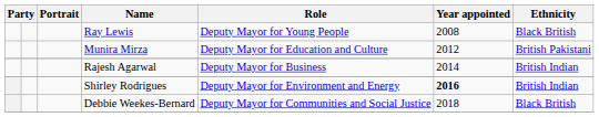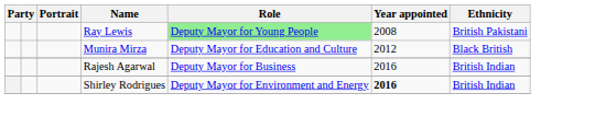 <table class="wikitable sortable">
 <tr>
 <th colspan="2">Party</th>
 <th>Portrait</th>
 <th>Name</th>
 <th>Role</th>
 <th>Year appointed</th>
 <th>Ethnicity</th>
 </tr>
 <tr>
 <td style="background-color: "></td>
 <td></td>
 <td></td>
 <td><a href='#'>Ray Lewis</a></td>
-<td><a href='#'>Deputy Mayor for Young People</a></td>
+<td style="background: lightgreen;"><a href='#'>Deputy Mayor for Young People</a></td>
 <td>2008</td>
-<td><a href='#'>Black British</a></td>
+<td><a href='#'>British Pakistani</a></td>
 </tr>
 <tr>
 <td style="background-color: "></td>
 <td></td>
 <td></td>
 <td><a href='#'>Munira Mirza</a></td>
 <td><a href='#'>Deputy Mayor for Education and Culture</a></td>
 <td>2012</td>
-<td><a href='#'>British Pakistani</a></td>
+<td><a href='#'>Black British</a></td>
 </tr>
 <tr>
 </tr>
 <tr>
 <td style="background-color: "></td>
 <td></td>
 <td></td>
 <td>Rajesh Agarwal</td>
 <td><a href='#'>Deputy Mayor for Business</a></td>
-<td>2014</td>
+<td>2016</td>
 <td><a href='#'>British Indian</a></td>
 </tr>
 <tr>
 </tr>
 <tr>
 <th style="background-color: "></th>
 <td></td>
 <td></td>
 <td>Shirley Rodrigues</td>
 <td><a href='#'>Deputy Mayor for Environment and Energy</a></td>
 <td><strong>2016</strong></td>
 <td><a href='#'>British Indian</a></td>
 </tr>
 <tr>
-<th style="background-color: "></th>
-<td></td>
-<td></td>
-<td>Debbie Weekes-Bernard</td>
-<td><a href='#'>Deputy Mayor for Communities and Social Justice</a></td>
-<td>2018</td>
-<td><a href='#'>Black British</a></td>
-</tr>
-<tr>
 </tr>
 </table>
